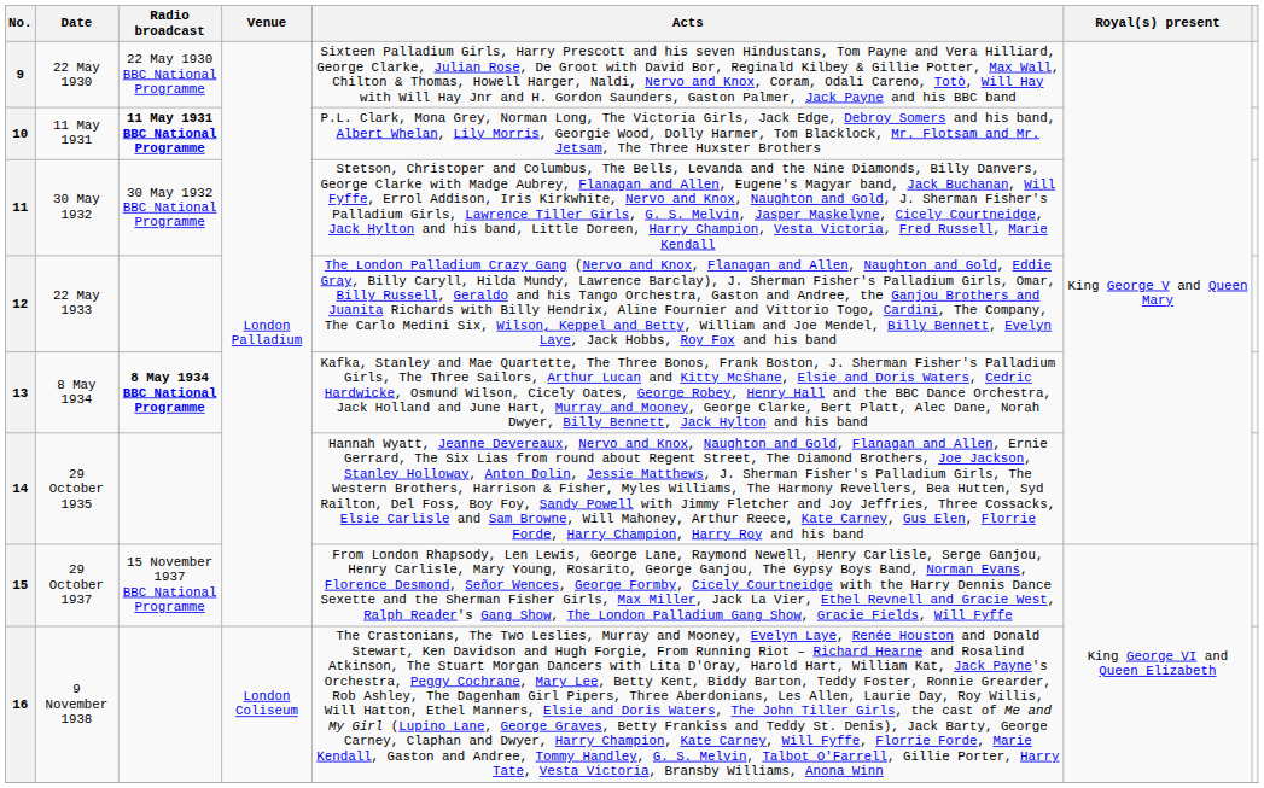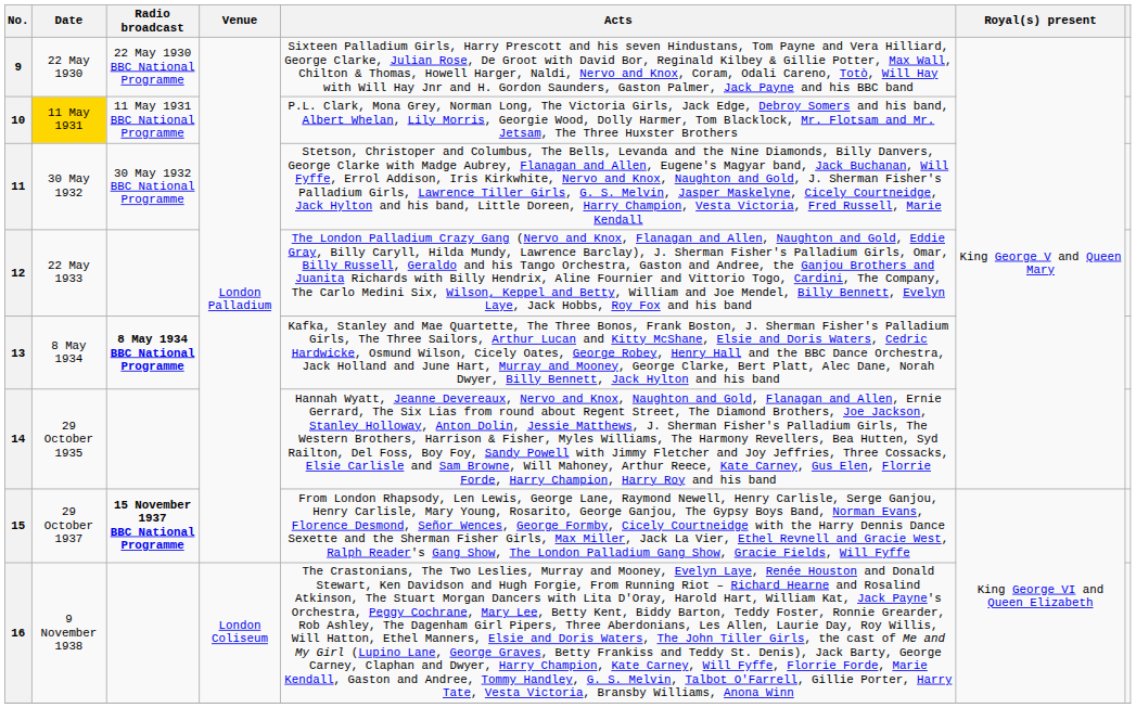 <table class="wikitable" border="1" style="text-align:center">
 <tr>
 <th>No.</th>
 <th>Date</th>
 <th>Radio broadcast</th>
 <th>Venue</th>
 <th width=60%>Acts</th>
 <th width=15%>Royal(s) present</th>
 <th></th>
 </tr>
 <tr>
 <th>9</th>
 <td>22 May 1930</td>
 <td>22 May 1930<br><a href='#'>BBC National Programme</a></td>
 <td rowspan="7"><a href='#'>London Palladium</a></td>
 <td>Sixteen Palladium Girls, Harry Prescott and his seven Hindustans, Tom Payne and Vera Hilliard, George Clarke, <a href='#'>Julian Rose</a>, De Groot with David Bor, Reginald Kilbey & Gillie Potter, <a href='#'>Max Wall</a>, Chilton & Thomas, Howell Harger, Naldi, <a href='#'>Nervo and Knox</a>, Coram, Odali Careno, <a href='#'>Totò</a>, <a href='#'>Will Hay</a> with Will Hay Jnr and H. Gordon Saunders, Gaston Palmer, <a href='#'>Jack Payne</a> and his BBC band</td>
 <td rowspan="6">King <a href='#'>George V</a> and <a href='#'>Queen Mary</a></td>
 <td></td>
 </tr>
 <tr>
 <th>10</th>
-<td>11 May 1931</td>
-<td><strong>11 May 1931<br><a href='#'>BBC National Programme</a></strong></td>
+<td style="background: gold;">11 May 1931</td>
+<td>11 May 1931<br><a href='#'>BBC National Programme</a></td>
 <td>P.L. Clark, Mona Grey, Norman Long, The Victoria Girls, Jack Edge, <a href='#'>Debroy Somers</a> and his band, <a href='#'>Albert Whelan</a>, <a href='#'>Lily Morris</a>, Georgie Wood, Dolly Harmer, Tom Blacklock, <a href='#'>Mr. Flotsam and Mr. Jetsam</a>, The Three Huxster Brothers</td>
 <td></td>
 </tr>
 <tr>
 <th>11</th>
 <td>30 May 1932</td>
 <td>30 May 1932<br><a href='#'>BBC National Programme</a></td>
 <td>Stetson, Christoper and Columbus, The Bells, Levanda and the Nine Diamonds, Billy Danvers, George Clarke with Madge Aubrey, <a href='#'>Flanagan and Allen</a>, Eugene's Magyar band, <a href='#'>Jack Buchanan</a>, <a href='#'>Will Fyffe</a>, Errol Addison, Iris Kirkwhite, <a href='#'>Nervo and Knox</a>, <a href='#'>Naughton and Gold</a>, J. Sherman Fisher's Palladium Girls, <a href='#'>Lawrence Tiller Girls</a>, <a href='#'>G. S. Melvin</a>, <a href='#'>Jasper Maskelyne</a>, <a href='#'>Cicely Courtneidge</a>, <a href='#'>Jack Hylton</a> and his band, Little Doreen, <a href='#'>Harry Champion</a>, <a href='#'>Vesta Victoria</a>, <a href='#'>Fred Russell</a>, <a href='#'>Marie Kendall</a></td>
 <td></td>
 </tr>
 <tr>
 <th>12</th>
 <td>22 May 1933</td>
 <td></td>
 <td><a href='#'>The London Palladium Crazy Gang</a> (<a href='#'>Nervo and Knox</a>, <a href='#'>Flanagan and Allen</a>, <a href='#'>Naughton and Gold</a>, <a href='#'>Eddie Gray</a>, Billy Caryll, Hilda Mundy, Lawrence Barclay), J. Sherman Fisher's Palladium Girls, Omar, <a href='#'>Billy Russell</a>, <a href='#'>Geraldo</a> and his Tango Orchestra, Gaston and Andree, the <a href='#'>Ganjou Brothers and Juanita</a> Richards with Billy Hendrix, Aline Fournier and Vittorio Togo, <a href='#'>Cardini</a>, The Company, The Carlo Medini Six, <a href='#'>Wilson, Keppel and Betty</a>, William and Joe Mendel, <a href='#'>Billy Bennett</a>, <a href='#'>Evelyn Laye</a>, Jack Hobbs, <a href='#'>Roy Fox</a> and his band</td>
 <td></td>
 </tr>
 <tr>
 <th>13</th>
 <td>8 May 1934</td>
 <td><strong>8 May 1934<br><a href='#'>BBC National Programme</a></strong></td>
 <td>Kafka, Stanley and Mae Quartette, The Three Bonos, Frank Boston, J. Sherman Fisher's Palladium Girls, The Three Sailors, <a href='#'>Arthur Lucan</a> and <a href='#'>Kitty McShane</a>, <a href='#'>Elsie and Doris Waters</a>, <a href='#'>Cedric Hardwicke</a>, Osmund Wilson, Cicely Oates, <a href='#'>George Robey</a>, <a href='#'>Henry Hall</a> and the BBC Dance Orchestra, Jack Holland and June Hart, <a href='#'>Murray and Mooney</a>, George Clarke, Bert Platt, Alec Dane, Norah Dwyer, <a href='#'>Billy Bennett</a>, <a href='#'>Jack Hylton</a> and his band</td>
 <td></td>
 </tr>
 <tr>
 <th>14</th>
 <td>29 October 1935</td>
 <td></td>
 <td>Hannah Wyatt, <a href='#'>Jeanne Devereaux</a>, <a href='#'>Nervo and Knox</a>, <a href='#'>Naughton and Gold</a>, <a href='#'>Flanagan and Allen</a>, Ernie Gerrard, The Six Lias from round about Regent Street, The Diamond Brothers, <a href='#'>Joe Jackson</a>, <a href='#'>Stanley Holloway</a>, <a href='#'>Anton Dolin</a>, <a href='#'>Jessie Matthews</a>, J. Sherman Fisher's Palladium Girls, The Western Brothers, Harrison & Fisher, Myles Williams, The Harmony Revellers, Bea Hutten, Syd Railton, Del Foss, Boy Foy, <a href='#'>Sandy Powell</a> with Jimmy Fletcher and Joy Jeffries, Three Cossacks, <a href='#'>Elsie Carlisle</a> and <a href='#'>Sam Browne</a>, Will Mahoney, Arthur Reece, <a href='#'>Kate Carney</a>, <a href='#'>Gus Elen</a>, <a href='#'>Florrie Forde</a>, <a href='#'>Harry Champion</a>, <a href='#'>Harry Roy</a> and his band</td>
 <td></td>
 </tr>
 <tr>
 <th>15</th>
 <td>29 October 1937</td>
-<td>15 November 1937<br><a href='#'>BBC National Programme</a></td>
+<td><strong>15 November 1937<br><a href='#'>BBC National Programme</a></strong></td>
 <td>From London Rhapsody, Len Lewis, George Lane, Raymond Newell, Henry Carlisle, Serge Ganjou, Henry Carlisle, Mary Young, Rosarito, George Ganjou, The Gypsy Boys Band, <a href='#'>Norman Evans</a>, <a href='#'>Florence Desmond</a>, <a href='#'>Señor Wences</a>, <a href='#'>George Formby</a>, <a href='#'>Cicely Courtneidge</a> with the Harry Dennis Dance Sexette and the Sherman Fisher Girls, <a href='#'>Max Miller</a>, Jack La Vier, <a href='#'>Ethel Revnell and Gracie West</a>, <a href='#'>Ralph Reader</a>'s <a href='#'>Gang Show</a>, <a href='#'>The London Palladium Gang Show</a>, <a href='#'>Gracie Fields</a>, <a href='#'>Will Fyffe</a></td>
 <td rowspan="2">King <a href='#'>George VI</a> and <a href='#'>Queen Elizabeth</a></td>
 <td></td>
 </tr>
 <tr>
 <th>16</th>
 <td>9 November 1938</td>
 <td></td>
 <td><a href='#'>London Coliseum</a></td>
 <td>The Crastonians, The Two Leslies, Murray and Mooney, <a href='#'>Evelyn Laye</a>, <a href='#'>Renée Houston</a> and Donald Stewart, Ken Davidson and Hugh Forgie, From Running Riot – <a href='#'>Richard Hearne</a> and Rosalind Atkinson, The Stuart Morgan Dancers with Lita D'Oray, Harold Hart, William Kat, <a href='#'>Jack Payne</a>'s Orchestra, <a href='#'>Peggy Cochrane</a>, <a href='#'>Mary Lee</a>, Betty Kent, Biddy Barton, Teddy Foster, Ronnie Grearder, Rob Ashley, The Dagenham Girl Pipers, Three Aberdonians, Les Allen, Laurie Day, Roy Willis, Will Hatton, Ethel Manners, <a href='#'>Elsie and Doris Waters</a>, <a href='#'>The John Tiller Girls</a>, the cast of <em>Me and My Girl</em> (<a href='#'>Lupino Lane</a>, <a href='#'>George Graves</a>, Betty Frankiss and Teddy St. Denis), Jack Barty, George Carney, Claphan and Dwyer, <a href='#'>Harry Champion</a>, <a href='#'>Kate Carney</a>, <a href='#'>Will Fyffe</a>, <a href='#'>Florrie Forde</a>, <a href='#'>Marie Kendall</a>, Gaston and Andree, <a href='#'>Tommy Handley</a>, <a href='#'>G. S. Melvin</a>, <a href='#'>Talbot O'Farrell</a>, Gillie Porter, <a href='#'>Harry Tate</a>, <a href='#'>Vesta Victoria</a>, Bransby Williams, <a href='#'>Anona Winn</a></td>
 <td></td>
 </tr>
 <tr>
 </tr>
 </table>
